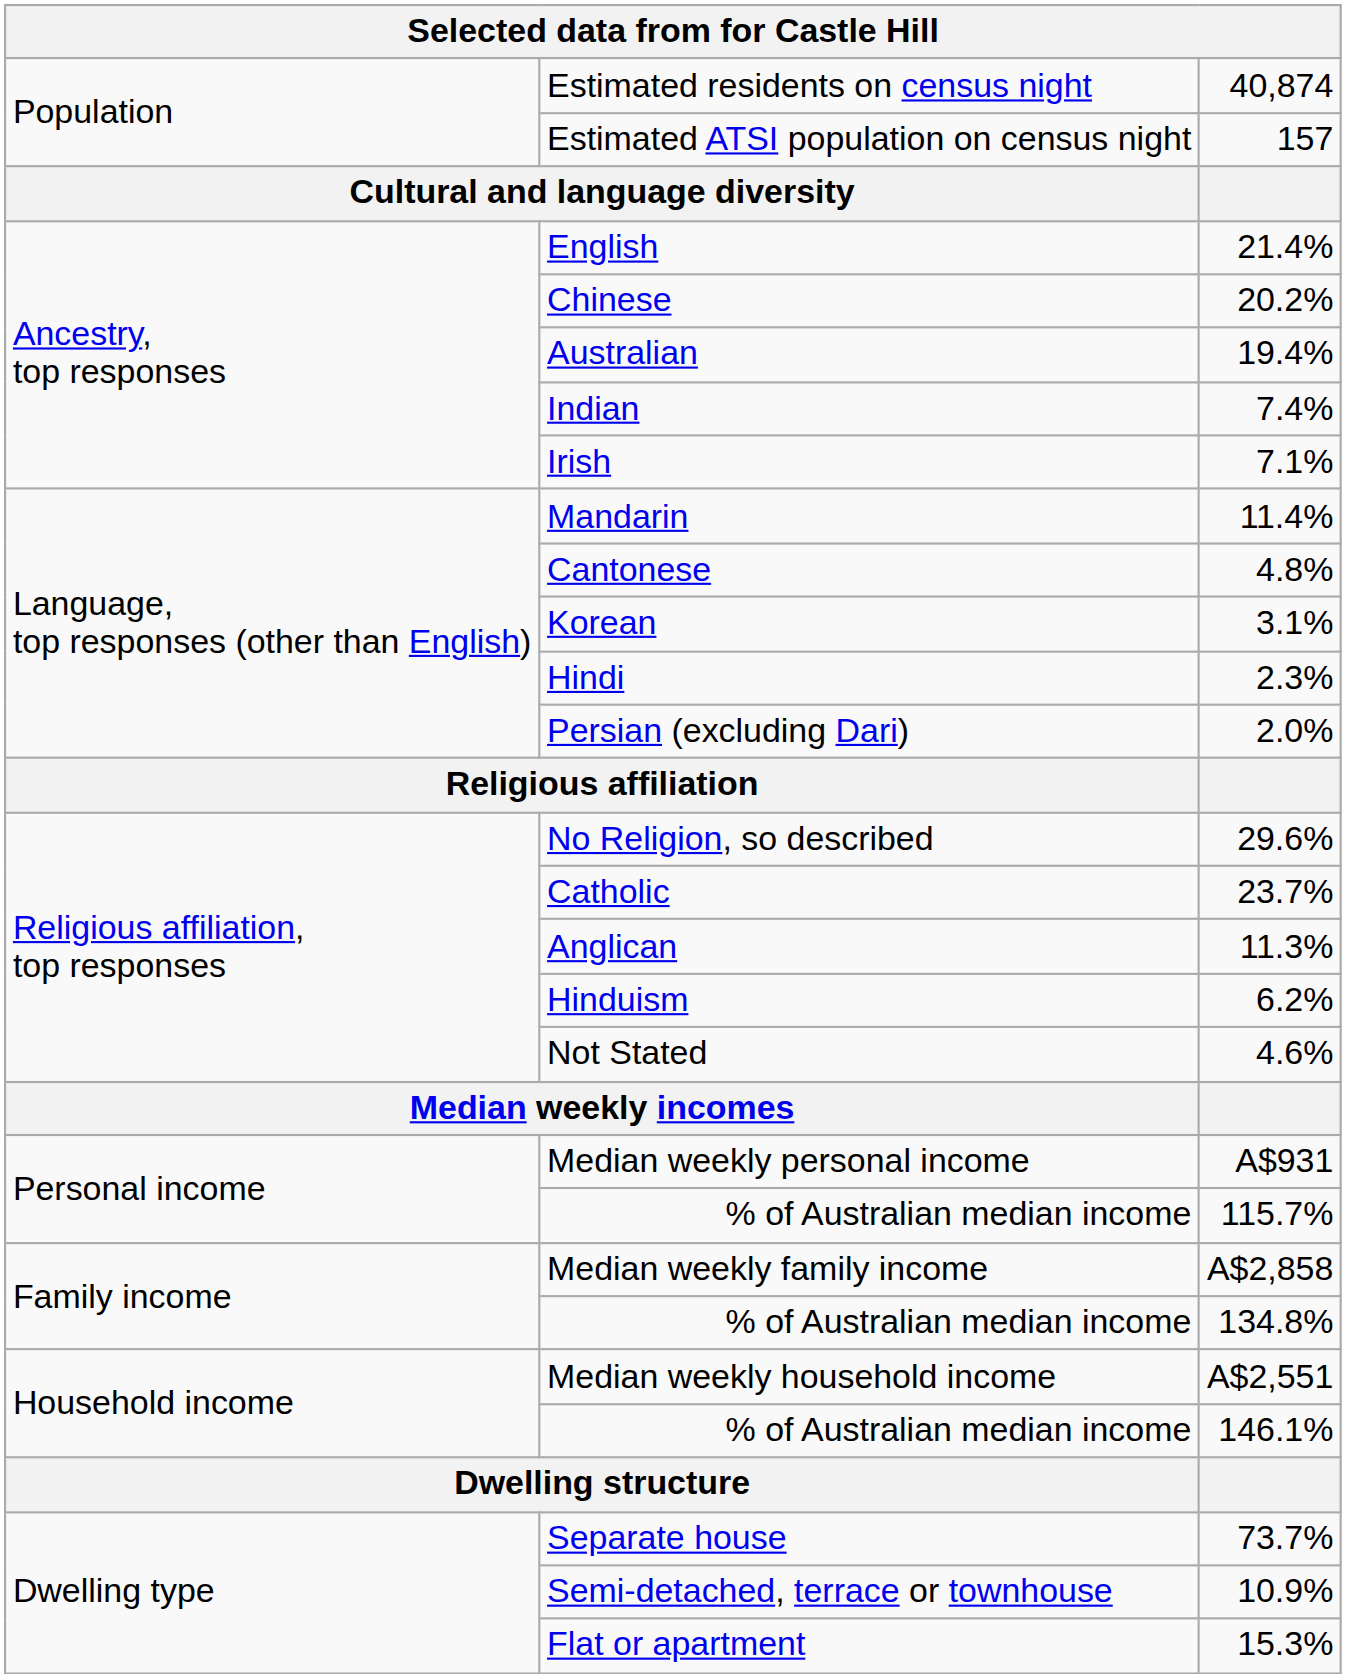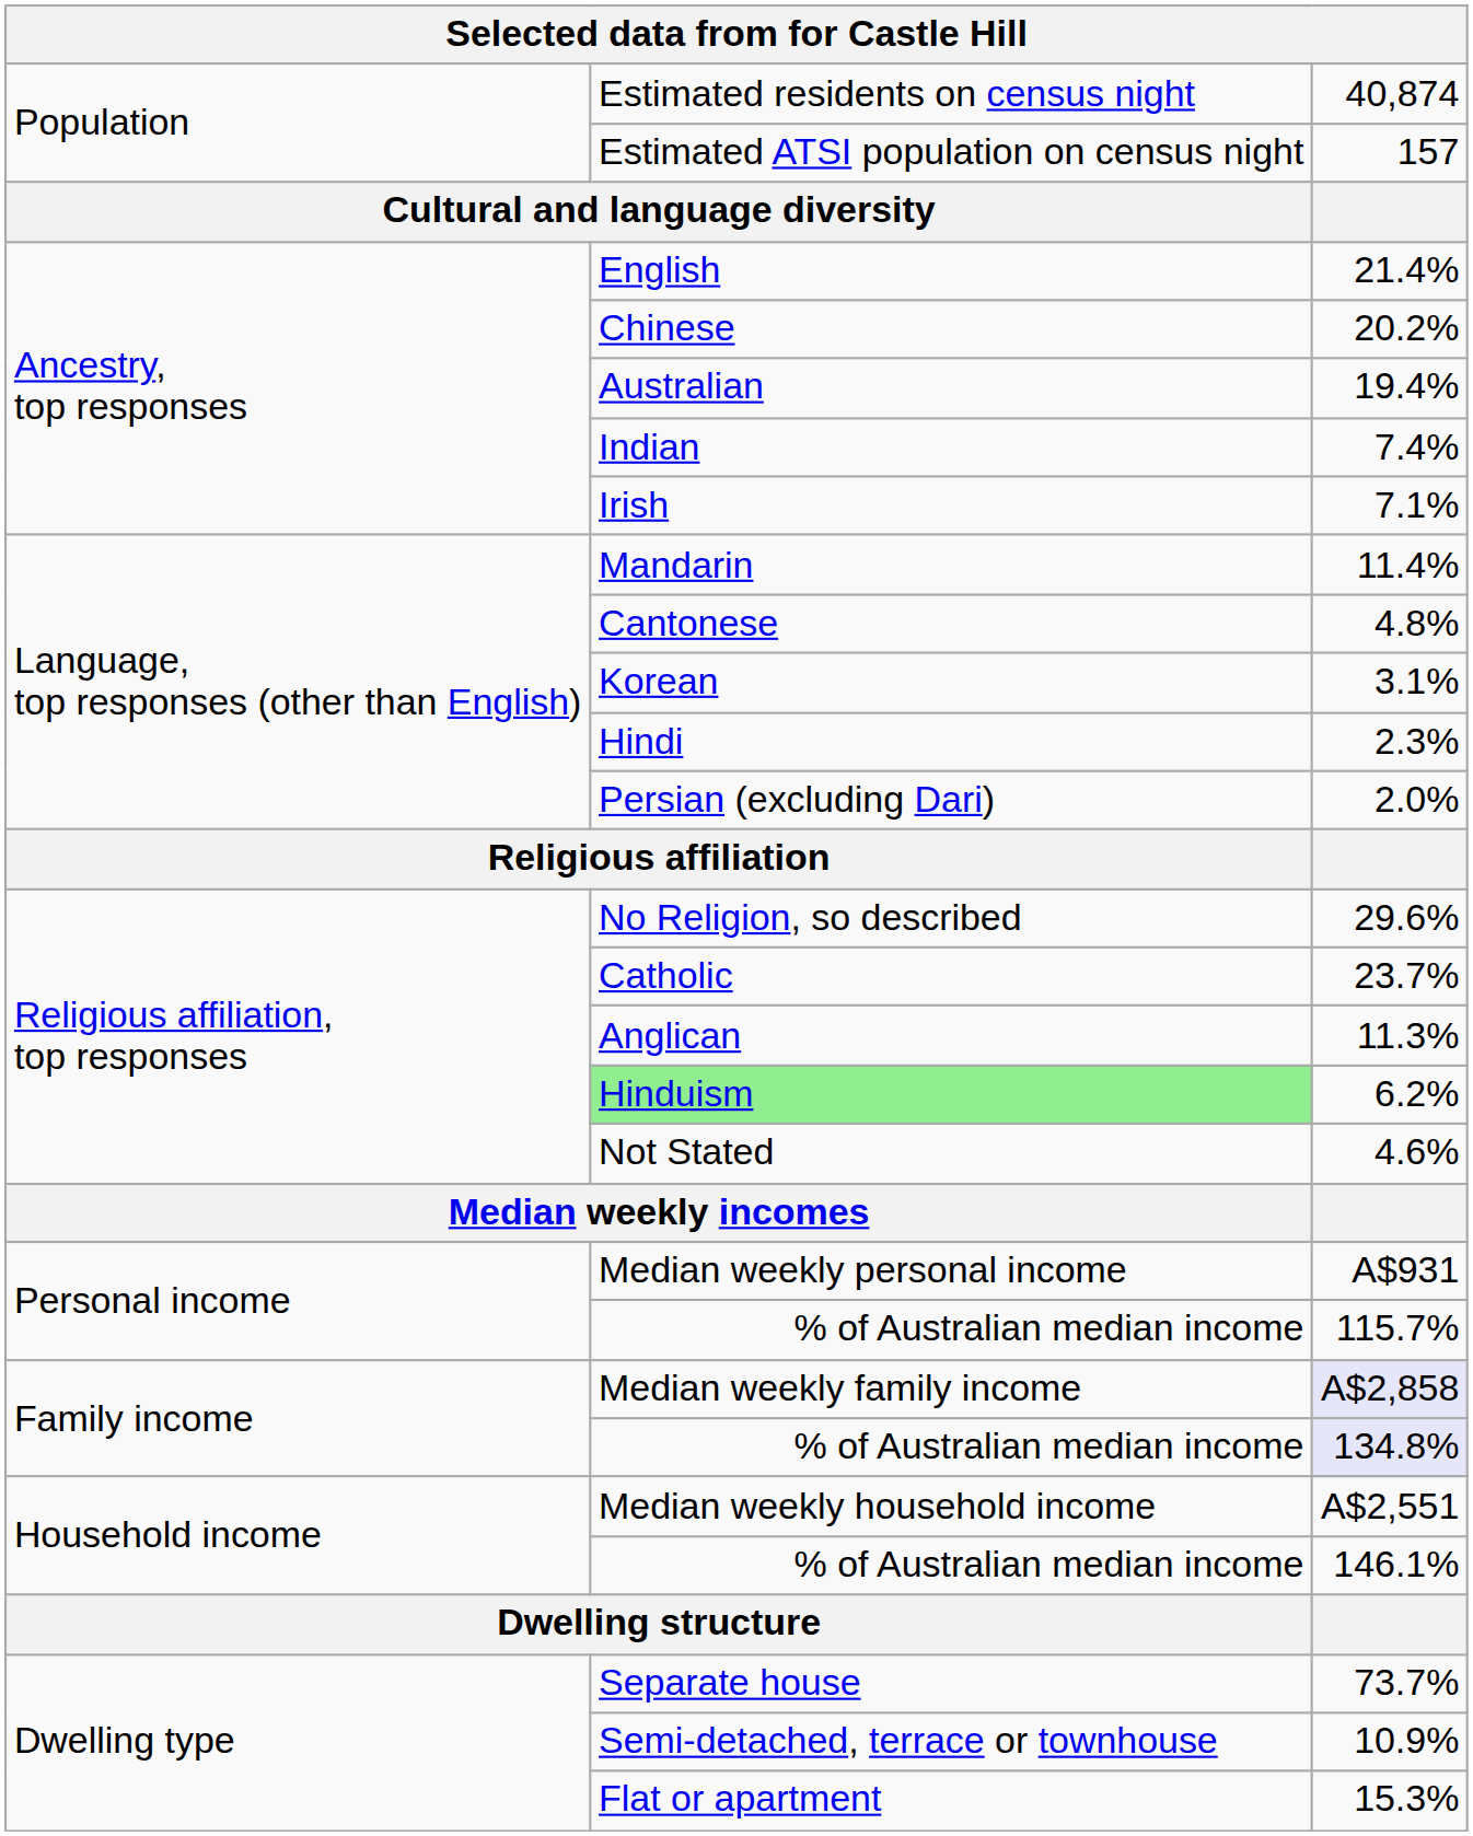 <table class="wikitable">
 <tr>
 <th colspan="3">Selected data from  for Castle Hill</th>
 </tr>
 <tr>
 <td rowspan="2">Population</td>
 <td>Estimated residents on <a href='#'>census night</a></td>
 <td align="right">40,874</td>
 </tr>
 <tr>
 <td>Estimated <a href='#'>ATSI</a> population on census night</td>
 <td align="right">157</td>
 </tr>
 <tr>
 <th colspan="2">Cultural and language diversity</th>
 <th></th>
 </tr>
 <tr>
 <td rowspan="5"><a href='#'>Ancestry</a>,<br>top responses</td>
 <td><a href='#'>English</a></td>
 <td align="right">21.4%</td>
 </tr>
 <tr>
 <td><a href='#'>Chinese</a></td>
 <td align="right">20.2%</td>
 </tr>
 <tr>
 <td><a href='#'>Australian</a></td>
 <td align="right">19.4%</td>
 </tr>
 <tr>
 <td><a href='#'>Indian</a></td>
 <td align="right">7.4%</td>
 </tr>
 <tr>
 <td><a href='#'>Irish</a></td>
 <td align="right">7.1%</td>
 </tr>
 <tr>
 <td rowspan="5">Language,<br>top responses (other than <a href='#'>English</a>)</td>
 <td><a href='#'>Mandarin</a></td>
 <td align="right">11.4%</td>
 </tr>
 <tr>
 <td><a href='#'>Cantonese</a></td>
 <td align="right">4.8%</td>
 </tr>
 <tr>
 <td><a href='#'>Korean</a></td>
 <td align="right">3.1%</td>
 </tr>
 <tr>
 <td><a href='#'>Hindi</a></td>
 <td align="right">2.3%</td>
 </tr>
 <tr>
 <td><a href='#'>Persian</a> (excluding <a href='#'>Dari</a>)</td>
 <td align="right">2.0%</td>
 </tr>
 <tr>
 <th colspan="2">Religious affiliation</th>
 <th></th>
 </tr>
 <tr>
 <td rowspan="5"><a href='#'>Religious affiliation</a>,<br>top responses</td>
 <td><a href='#'>No Religion</a>, so described</td>
 <td align="right">29.6%</td>
 </tr>
 <tr>
 <td><a href='#'>Catholic</a></td>
 <td align="right">23.7%</td>
 </tr>
 <tr>
 <td><a href='#'>Anglican</a></td>
 <td align="right">11.3%</td>
 </tr>
 <tr>
-<td><a href='#'>Hinduism</a></td>
+<td style="background: lightgreen;"><a href='#'>Hinduism</a></td>
 <td align="right">6.2%</td>
 </tr>
 <tr>
 <td>Not Stated</td>
 <td align="right">4.6%</td>
 </tr>
 <tr>
 <th colspan="2"><a href='#'>Median</a> weekly <a href='#'>incomes</a></th>
 <th></th>
 </tr>
 <tr>
 <td rowspan="2">Personal income</td>
 <td>Median weekly personal income</td>
 <td align="right">A$931</td>
 </tr>
 <tr>
 <td align="right">% of Australian median income</td>
 <td align="right">115.7%</td>
 </tr>
 <tr>
 <td rowspan="2">Family income</td>
 <td>Median weekly family income</td>
-<td align="right">A$2,858</td>
+<td align="right" style="background: lavender;">A$2,858</td>
 </tr>
 <tr>
 <td align="right">% of Australian median income</td>
-<td align="right">134.8%</td>
+<td align="right" style="background: lavender;">134.8%</td>
 </tr>
 <tr>
 <td rowspan="2">Household income</td>
 <td>Median weekly household income</td>
 <td align="right">A$2,551</td>
 </tr>
 <tr>
 <td align="right">% of Australian median income</td>
 <td align="right">146.1%</td>
 </tr>
 <tr>
 <th colspan="2">Dwelling structure</th>
 <th></th>
 </tr>
 <tr>
 <td rowspan="3">Dwelling type</td>
 <td><a href='#'>Separate house</a></td>
 <td align="right">73.7%</td>
 </tr>
 <tr>
 <td><a href='#'>Semi-detached</a>, <a href='#'>terrace</a> or <a href='#'>townhouse</a></td>
 <td align="right">10.9%</td>
 </tr>
 <tr>
 <td><a href='#'>Flat or apartment</a></td>
 <td align="right">15.3%</td>
 </tr>
 </table>
